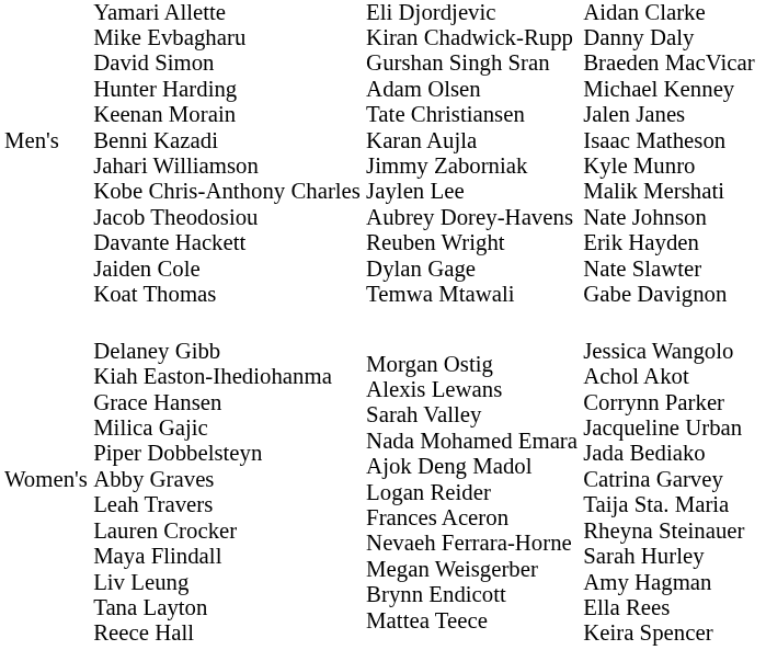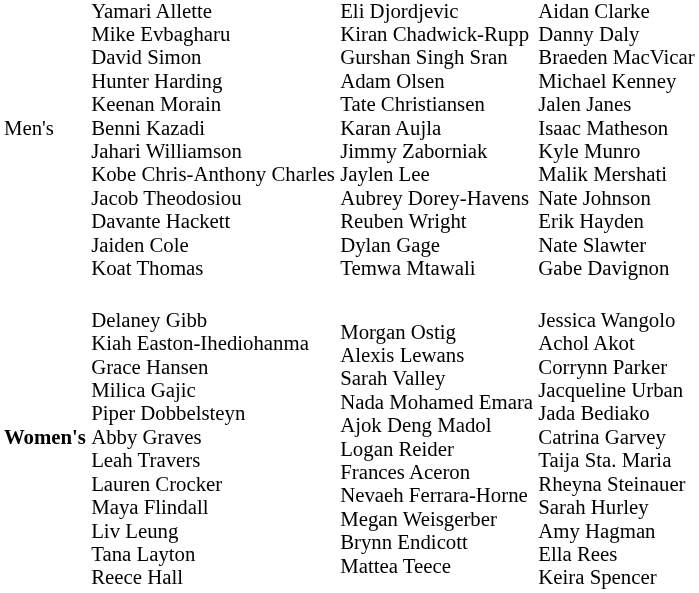 <table>
 <tr>
 <td>Men's</td>
 <td><br>Yamari Allette<br>Mike Evbagharu<br>David Simon<br>Hunter Harding<br>Keenan Morain<br>Benni Kazadi<br>Jahari Williamson<br>Kobe Chris-Anthony Charles<br>Jacob Theodosiou<br>Davante Hackett<br>Jaiden Cole<br>Koat Thomas</td>
 <td><br>Eli Djordjevic<br>Kiran Chadwick-Rupp<br>Gurshan Singh Sran<br>Adam Olsen<br>Tate Christiansen<br>Karan Aujla<br>Jimmy Zaborniak<br>Jaylen Lee<br>Aubrey Dorey-Havens<br>Reuben Wright<br>Dylan Gage<br>Temwa Mtawali</td>
 <td><br>Aidan Clarke<br>Danny Daly<br>Braeden MacVicar<br>Michael Kenney<br>Jalen Janes<br>Isaac Matheson<br>Kyle Munro<br>Malik Mershati<br>Nate Johnson<br>Erik Hayden<br>Nate Slawter<br>Gabe Davignon</td>
 </tr>
 <tr>
-<td>Women's</td>
+<td><strong>Women's</strong></td>
 <td><br>Delaney Gibb<br>Kiah Easton-Ihediohanma<br>Grace Hansen<br>Milica Gajic<br>Piper Dobbelsteyn<br>Abby Graves<br>Leah Travers<br>Lauren Crocker<br>Maya Flindall<br>Liv Leung<br>Tana Layton<br>Reece Hall</td>
 <td><br>Morgan Ostig<br>Alexis Lewans<br>Sarah Valley<br>Nada Mohamed Emara<br>Ajok Deng Madol<br>Logan Reider<br>Frances Aceron<br>Nevaeh Ferrara-Horne<br>Megan Weisgerber<br>Brynn Endicott<br>Mattea Teece</td>
 <td><br>Jessica Wangolo<br>Achol Akot<br>Corrynn Parker<br>Jacqueline Urban<br>Jada Bediako<br>Catrina Garvey<br>Taija Sta. Maria<br>Rheyna Steinauer<br>Sarah Hurley<br>Amy Hagman<br>Ella Rees<br>Keira Spencer</td>
 </tr>
 </table>
